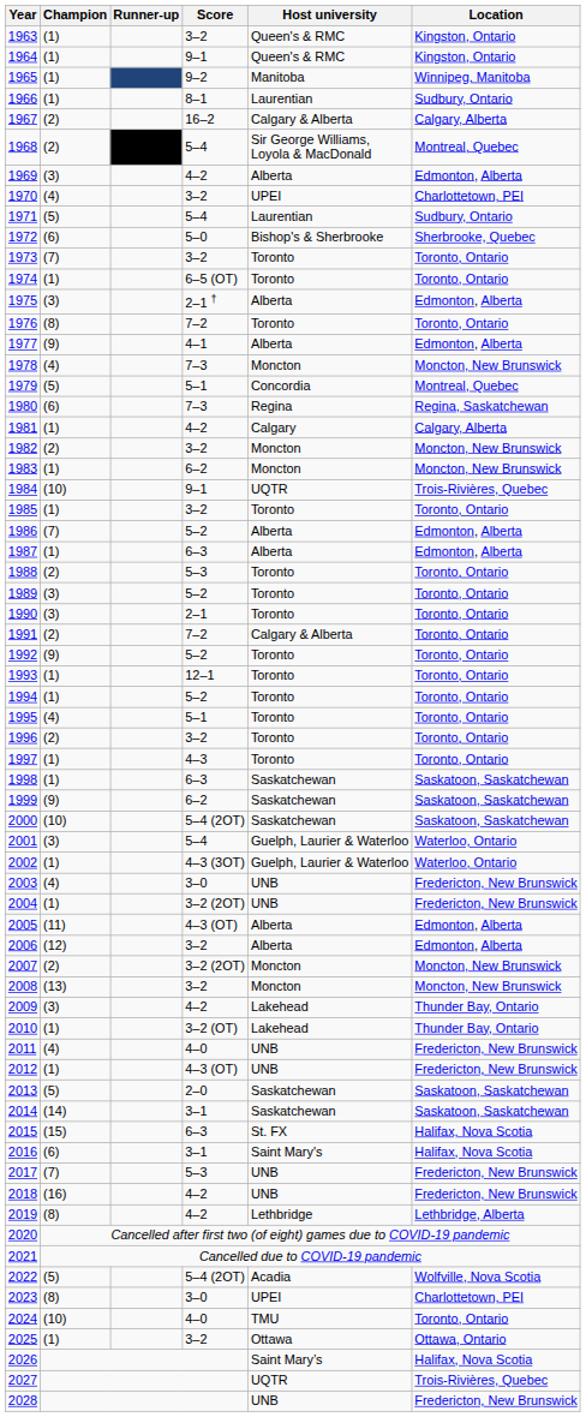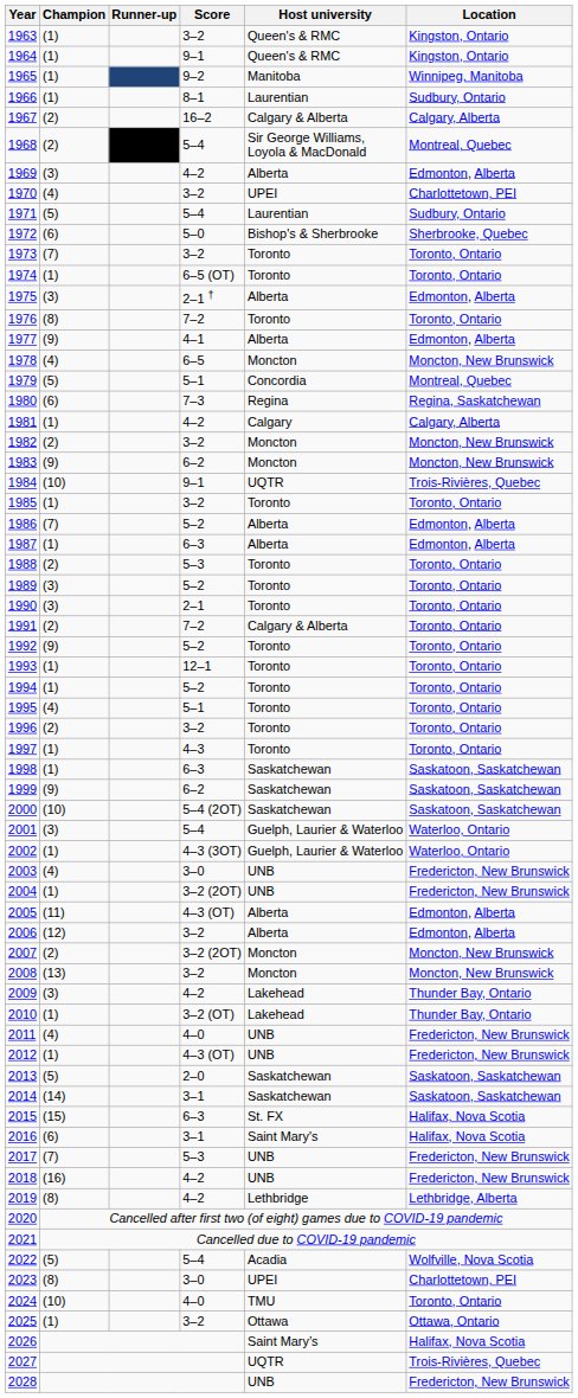 <table class="wikitable sortable sticky-header"; font-size: 95%">
 <tr>
 <th scope=col>Year</th>
 <th scope=col>Champion</th>
 <th scope=col>Runner-up</th>
 <th scope=col>Score</th>
 <th scope=col>Host university</th>
 <th scope=col>Location</th>
 </tr>
 <tr>
 <td><a href='#'>1963</a></td>
 <td><a href='#'></a> (1)</td>
 <td><a href='#'></a></td>
 <td>3–2</td>
 <td>Queen's & RMC</td>
 <td> <a href='#'>Kingston, Ontario</a></td>
 </tr>
 <tr>
 <td><a href='#'>1964</a></td>
 <td><a href='#'></a> (1)</td>
 <td><a href='#'></a></td>
 <td>9–1</td>
 <td>Queen's & RMC</td>
 <td> <a href='#'>Kingston, Ontario</a></td>
 </tr>
 <tr>
 <td><a href='#'>1965</a></td>
 <td><a href='#'></a> (1)</td>
 <td style="color:white; background:#214478; "><a href='#'></a></td>
 <td>9–2</td>
 <td>Manitoba</td>
 <td> <a href='#'>Winnipeg, Manitoba</a></td>
 </tr>
 <tr>
 <td><a href='#'>1966</a></td>
 <td><a href='#'></a> (1)</td>
 <td><a href='#'></a></td>
 <td>8–1</td>
 <td>Laurentian</td>
 <td> <a href='#'>Sudbury, Ontario</a></td>
 </tr>
 <tr>
 <td><a href='#'>1967</a></td>
 <td><a href='#'></a> (2)</td>
 <td><a href='#'></a></td>
 <td>16–2</td>
 <td>Calgary & Alberta</td>
 <td> <a href='#'>Calgary, Alberta</a></td>
 </tr>
 <tr>
 <td><a href='#'>1968</a></td>
 <td><a href='#'></a> (2)</td>
 <td style="color:white; background:#000000"><a href='#'></a></td>
 <td>5–4</td>
 <td>Sir George Williams,<br>Loyola & MacDonald</td>
 <td> <a href='#'>Montreal, Quebec</a></td>
 </tr>
 <tr>
 <td><a href='#'>1969</a></td>
 <td><a href='#'></a> (3)</td>
 <td><a href='#'></a></td>
 <td>4–2</td>
 <td>Alberta</td>
 <td> <a href='#'>Edmonton</a>, <a href='#'>Alberta</a></td>
 </tr>
 <tr>
 <td><a href='#'>1970</a></td>
 <td><a href='#'></a> (4)</td>
 <td><a href='#'></a></td>
 <td>3–2</td>
 <td>UPEI</td>
 <td> <a href='#'>Charlottetown, PEI</a></td>
 </tr>
 <tr>
 <td><a href='#'>1971</a></td>
 <td><a href='#'></a> (5)</td>
 <td><a href='#'></a></td>
 <td>5–4</td>
 <td>Laurentian</td>
 <td> <a href='#'>Sudbury, Ontario</a></td>
 </tr>
 <tr>
 <td><a href='#'>1972</a></td>
 <td><a href='#'></a> (6)</td>
 <td><a href='#'></a></td>
 <td>5–0</td>
 <td>Bishop's & Sherbrooke</td>
 <td> <a href='#'>Sherbrooke, Quebec</a></td>
 </tr>
 <tr>
 <td><a href='#'>1973</a></td>
 <td><a href='#'></a> (7)</td>
 <td><a href='#'></a></td>
 <td>3–2</td>
 <td>Toronto</td>
 <td> <a href='#'>Toronto, Ontario</a></td>
 </tr>
 <tr>
 <td><a href='#'>1974</a></td>
 <td><a href='#'></a> (1)</td>
 <td><a href='#'></a></td>
 <td>6–5 (OT)</td>
 <td>Toronto</td>
 <td> <a href='#'>Toronto, Ontario</a></td>
 </tr>
 <tr>
 <td><a href='#'>1975</a></td>
 <td><a href='#'></a> (3)</td>
 <td><a href='#'></a></td>
 <td>2–1 <sup>†</sup></td>
 <td>Alberta</td>
 <td> <a href='#'>Edmonton</a>, <a href='#'>Alberta</a></td>
 </tr>
 <tr>
 <td><a href='#'>1976</a></td>
 <td><a href='#'></a> (8)</td>
 <td><a href='#'></a></td>
 <td>7–2</td>
 <td>Toronto</td>
 <td> <a href='#'>Toronto, Ontario</a></td>
 </tr>
 <tr>
 <td><a href='#'>1977</a></td>
 <td><a href='#'></a> (9)</td>
 <td><a href='#'></a></td>
 <td>4–1</td>
 <td>Alberta</td>
 <td> <a href='#'>Edmonton</a>, <a href='#'>Alberta</a></td>
 </tr>
 <tr>
 <td><a href='#'>1978</a></td>
 <td><a href='#'></a> (4)</td>
 <td><a href='#'></a></td>
-<td>7–3</td>
+<td>6–5</td>
 <td>Moncton</td>
 <td> <a href='#'>Moncton, New Brunswick</a></td>
 </tr>
 <tr>
 <td><a href='#'>1979</a></td>
 <td><a href='#'></a> (5)</td>
 <td><a href='#'></a></td>
 <td>5–1</td>
 <td>Concordia</td>
 <td> <a href='#'>Montreal, Quebec</a></td>
 </tr>
 <tr>
 <td><a href='#'>1980</a></td>
 <td><a href='#'></a> (6)</td>
 <td><a href='#'></a></td>
 <td>7–3</td>
 <td>Regina</td>
 <td> <a href='#'>Regina, Saskatchewan</a></td>
 </tr>
 <tr>
 <td><a href='#'>1981</a></td>
 <td><a href='#'></a> (1)</td>
 <td><a href='#'></a></td>
 <td>4–2</td>
 <td>Calgary</td>
 <td> <a href='#'>Calgary, Alberta</a></td>
 </tr>
 <tr>
 <td><a href='#'>1982</a></td>
 <td><a href='#'></a> (2)</td>
 <td><a href='#'></a></td>
 <td>3–2</td>
 <td>Moncton</td>
 <td> <a href='#'>Moncton, New Brunswick</a></td>
 </tr>
 <tr>
 <td><a href='#'>1983</a></td>
-<td><a href='#'></a> (1)</td>
+<td><a href='#'></a> (9)</td>
 <td><a href='#'></a></td>
 <td>6–2</td>
 <td>Moncton</td>
 <td> <a href='#'>Moncton, New Brunswick</a></td>
 </tr>
 <tr>
 <td><a href='#'>1984</a></td>
 <td><a href='#'></a> (10)</td>
 <td><a href='#'></a></td>
 <td>9–1</td>
 <td>UQTR</td>
 <td> <a href='#'>Trois-Rivières, Quebec</a></td>
 </tr>
 <tr>
 <td><a href='#'>1985</a></td>
 <td><a href='#'></a> (1)</td>
 <td><a href='#'></a></td>
 <td>3–2</td>
 <td>Toronto</td>
 <td> <a href='#'>Toronto, Ontario</a></td>
 </tr>
 <tr>
 <td><a href='#'>1986</a></td>
 <td><a href='#'></a> (7)</td>
 <td><a href='#'></a></td>
 <td>5–2</td>
 <td>Alberta</td>
 <td> <a href='#'>Edmonton</a>, <a href='#'>Alberta</a></td>
 </tr>
 <tr>
 <td><a href='#'>1987</a></td>
 <td><a href='#'></a> (1)</td>
 <td><a href='#'></a></td>
 <td>6–3</td>
 <td>Alberta</td>
 <td> <a href='#'>Edmonton</a>, <a href='#'>Alberta</a></td>
 </tr>
 <tr>
 <td><a href='#'>1988</a></td>
 <td><a href='#'></a> (2)</td>
 <td><a href='#'></a></td>
 <td>5–3</td>
 <td>Toronto</td>
 <td> <a href='#'>Toronto, Ontario</a></td>
 </tr>
 <tr>
 <td><a href='#'>1989</a></td>
 <td><a href='#'></a> (3)</td>
 <td><a href='#'></a></td>
 <td>5–2</td>
 <td>Toronto</td>
 <td> <a href='#'>Toronto, Ontario</a></td>
 </tr>
 <tr>
 <td><a href='#'>1990</a></td>
 <td><a href='#'></a> (3)</td>
 <td><a href='#'></a></td>
 <td>2–1</td>
 <td>Toronto</td>
 <td> <a href='#'>Toronto, Ontario</a></td>
 </tr>
 <tr>
 <td><a href='#'>1991</a></td>
 <td><a href='#'></a> (2)</td>
 <td><a href='#'></a></td>
 <td>7–2</td>
 <td>Calgary & Alberta</td>
 <td> <a href='#'>Toronto, Ontario</a></td>
 </tr>
 <tr>
 <td><a href='#'>1992</a></td>
 <td><a href='#'></a> (9)</td>
 <td><a href='#'></a></td>
 <td>5–2</td>
 <td>Toronto</td>
 <td> <a href='#'>Toronto, Ontario</a></td>
 </tr>
 <tr>
 <td><a href='#'>1993</a></td>
 <td><a href='#'></a> (1)</td>
 <td><a href='#'></a></td>
 <td>12–1</td>
 <td>Toronto</td>
 <td> <a href='#'>Toronto, Ontario</a></td>
 </tr>
 <tr>
 <td><a href='#'>1994</a></td>
 <td><a href='#'></a> (1)</td>
 <td><a href='#'></a></td>
 <td>5–2</td>
 <td>Toronto</td>
 <td> <a href='#'>Toronto, Ontario</a></td>
 </tr>
 <tr>
 <td><a href='#'>1995</a></td>
 <td><a href='#'></a> (4)</td>
 <td><a href='#'></a></td>
 <td>5–1</td>
 <td>Toronto</td>
 <td> <a href='#'>Toronto, Ontario</a></td>
 </tr>
 <tr>
 <td><a href='#'>1996</a></td>
 <td><a href='#'></a> (2)</td>
 <td><a href='#'></a></td>
 <td>3–2</td>
 <td>Toronto</td>
 <td> <a href='#'>Toronto, Ontario</a></td>
 </tr>
 <tr>
 <td><a href='#'>1997</a></td>
 <td><a href='#'></a> (1)</td>
 <td><a href='#'></a></td>
 <td>4–3</td>
 <td>Toronto</td>
 <td> <a href='#'>Toronto, Ontario</a></td>
 </tr>
 <tr>
 <td><a href='#'>1998</a></td>
 <td><a href='#'></a> (1)</td>
 <td><a href='#'></a></td>
 <td>6–3</td>
 <td>Saskatchewan</td>
 <td> <a href='#'>Saskatoon, Saskatchewan</a></td>
 </tr>
 <tr>
 <td><a href='#'>1999</a></td>
 <td><a href='#'></a> (9)</td>
 <td><a href='#'></a></td>
 <td>6–2</td>
 <td>Saskatchewan</td>
 <td> <a href='#'>Saskatoon, Saskatchewan</a></td>
 </tr>
 <tr>
 <td><a href='#'>2000</a></td>
 <td><a href='#'></a> (10)</td>
 <td><a href='#'></a></td>
 <td>5–4 (2OT)</td>
 <td>Saskatchewan</td>
 <td> <a href='#'>Saskatoon, Saskatchewan</a></td>
 </tr>
 <tr>
 <td><a href='#'>2001</a></td>
 <td><a href='#'></a> (3)</td>
 <td><a href='#'></a></td>
 <td>5–4</td>
 <td>Guelph, Laurier & Waterloo</td>
 <td> <a href='#'>Waterloo, Ontario</a></td>
 </tr>
 <tr>
 <td><a href='#'>2002</a></td>
 <td><a href='#'></a> (1)</td>
 <td><a href='#'></a></td>
 <td>4–3 (3OT)</td>
 <td>Guelph, Laurier & Waterloo</td>
 <td> <a href='#'>Waterloo, Ontario</a></td>
 </tr>
 <tr>
 <td><a href='#'>2003</a></td>
 <td><a href='#'></a> (4)</td>
 <td><a href='#'></a></td>
 <td>3–0</td>
 <td>UNB</td>
 <td> <a href='#'>Fredericton, New Brunswick</a></td>
 </tr>
 <tr>
 <td><a href='#'>2004</a></td>
 <td><a href='#'></a> (1)</td>
 <td><a href='#'></a></td>
 <td>3–2 (2OT)</td>
 <td>UNB</td>
 <td> <a href='#'>Fredericton, New Brunswick</a></td>
 </tr>
 <tr>
 <td><a href='#'>2005</a></td>
 <td><a href='#'></a> (11)</td>
 <td><a href='#'></a></td>
 <td>4–3 (OT)</td>
 <td>Alberta</td>
 <td> <a href='#'>Edmonton</a>, <a href='#'>Alberta</a></td>
 </tr>
 <tr>
 <td><a href='#'>2006</a></td>
 <td><a href='#'></a> (12)</td>
 <td><a href='#'></a></td>
 <td>3–2</td>
 <td>Alberta</td>
 <td> <a href='#'>Edmonton</a>, <a href='#'>Alberta</a></td>
 </tr>
 <tr>
 <td><a href='#'>2007</a></td>
 <td><a href='#'></a> (2)</td>
 <td><a href='#'></a></td>
 <td>3–2 (2OT)</td>
 <td>Moncton</td>
 <td> <a href='#'>Moncton, New Brunswick</a></td>
 </tr>
 <tr>
 <td><a href='#'>2008</a></td>
 <td><a href='#'></a> (13)</td>
 <td><a href='#'></a></td>
 <td>3–2</td>
 <td>Moncton</td>
 <td> <a href='#'>Moncton, New Brunswick</a></td>
 </tr>
 <tr>
 <td><a href='#'>2009</a></td>
 <td><a href='#'></a> (3)</td>
 <td><a href='#'></a></td>
 <td>4–2</td>
 <td>Lakehead</td>
 <td> <a href='#'>Thunder Bay, Ontario</a></td>
 </tr>
 <tr>
 <td><a href='#'>2010</a></td>
 <td><a href='#'></a> (1)</td>
 <td><a href='#'></a></td>
 <td>3–2 (OT)</td>
 <td>Lakehead</td>
 <td> <a href='#'>Thunder Bay, Ontario</a></td>
 </tr>
 <tr>
 <td><a href='#'>2011</a></td>
 <td><a href='#'></a> (4)</td>
 <td><a href='#'></a></td>
 <td>4–0</td>
 <td>UNB</td>
 <td> <a href='#'>Fredericton, New Brunswick</a></td>
 </tr>
 <tr>
 <td><a href='#'>2012</a></td>
 <td><a href='#'></a> (1)</td>
 <td><a href='#'></a></td>
 <td>4–3 (OT)</td>
 <td>UNB</td>
 <td> <a href='#'>Fredericton, New Brunswick</a></td>
 </tr>
 <tr>
 <td><a href='#'>2013</a></td>
 <td><a href='#'></a> (5)</td>
 <td><a href='#'></a></td>
 <td>2–0</td>
 <td>Saskatchewan</td>
 <td> <a href='#'>Saskatoon, Saskatchewan</a></td>
 </tr>
 <tr>
 <td><a href='#'>2014</a></td>
 <td><a href='#'></a> (14)</td>
 <td><a href='#'></a></td>
 <td>3–1</td>
 <td>Saskatchewan</td>
 <td> <a href='#'>Saskatoon, Saskatchewan</a></td>
 </tr>
 <tr>
 <td><a href='#'>2015</a></td>
 <td><a href='#'></a> (15)</td>
 <td><a href='#'></a></td>
 <td>6–3</td>
 <td>St. FX</td>
 <td> <a href='#'>Halifax, Nova Scotia</a></td>
 </tr>
 <tr>
 <td><a href='#'>2016</a></td>
 <td><a href='#'></a> (6)</td>
 <td><a href='#'></a></td>
 <td>3–1</td>
 <td>Saint Mary's</td>
 <td> <a href='#'>Halifax, Nova Scotia</a></td>
 </tr>
 <tr>
 <td><a href='#'>2017</a></td>
 <td><a href='#'></a> (7)</td>
 <td><a href='#'></a></td>
 <td>5–3</td>
 <td>UNB</td>
 <td> <a href='#'>Fredericton, New Brunswick</a></td>
 </tr>
 <tr>
 <td><a href='#'>2018</a></td>
 <td><a href='#'></a> (16)</td>
 <td><a href='#'></a></td>
 <td>4–2</td>
 <td>UNB</td>
 <td> <a href='#'>Fredericton, New Brunswick</a></td>
 </tr>
 <tr>
 <td><a href='#'>2019</a></td>
 <td><a href='#'></a> (8)</td>
 <td><a href='#'></a></td>
 <td>4–2</td>
 <td>Lethbridge</td>
 <td> <a href='#'>Lethbridge, Alberta</a></td>
 </tr>
 <tr>
 <td><a href='#'>2020</a></td>
 <td colspan="5" align="center"><em>Cancelled after first two (of eight) games due to <a href='#'>COVID-19 pandemic</a></em></td>
 </tr>
 <tr>
 <td><a href='#'>2021</a></td>
 <td colspan="5" align="center"><em>Cancelled due to <a href='#'>COVID-19 pandemic</a></em></td>
 </tr>
 <tr>
 <td><a href='#'>2022</a></td>
 <td><a href='#'></a> (5)</td>
 <td><a href='#'></a></td>
-<td>5–4 (2OT)</td>
+<td>5–4</td>
 <td>Acadia</td>
 <td> <a href='#'>Wolfville, Nova Scotia</a></td>
 </tr>
 <tr>
 <td><a href='#'>2023</a></td>
 <td><a href='#'></a> (8)</td>
 <td><a href='#'></a></td>
 <td>3–0</td>
 <td>UPEI</td>
 <td> <a href='#'>Charlottetown, PEI</a></td>
 </tr>
 <tr>
 <td><a href='#'>2024</a></td>
 <td><a href='#'></a> (10)</td>
 <td><a href='#'></a></td>
 <td>4–0</td>
 <td>TMU</td>
 <td> <a href='#'>Toronto, Ontario</a></td>
 </tr>
 <tr>
 <td><a href='#'>2025</a></td>
 <td><a href='#'></a> (1)</td>
 <td><a href='#'></a></td>
 <td>3–2</td>
 <td>Ottawa</td>
 <td>  <a href='#'>Ottawa, Ontario</a></td>
 </tr>
 <tr>
 <td><a href='#'>2026</a></td>
 <td align="center" colspan=3></td>
 <td>Saint Mary’s</td>
 <td> <a href='#'>Halifax, Nova Scotia</a></td>
 </tr>
 <tr>
 <td><a href='#'>2027</a></td>
 <td align="center" colspan=3></td>
 <td>UQTR</td>
 <td> <a href='#'>Trois-Rivières, Quebec</a></td>
 </tr>
 <tr>
 <td><a href='#'>2028</a></td>
 <td align="center" colspan=3></td>
 <td>UNB</td>
 <td> <a href='#'>Fredericton, New Brunswick</a></td>
 </tr>
 </table>
